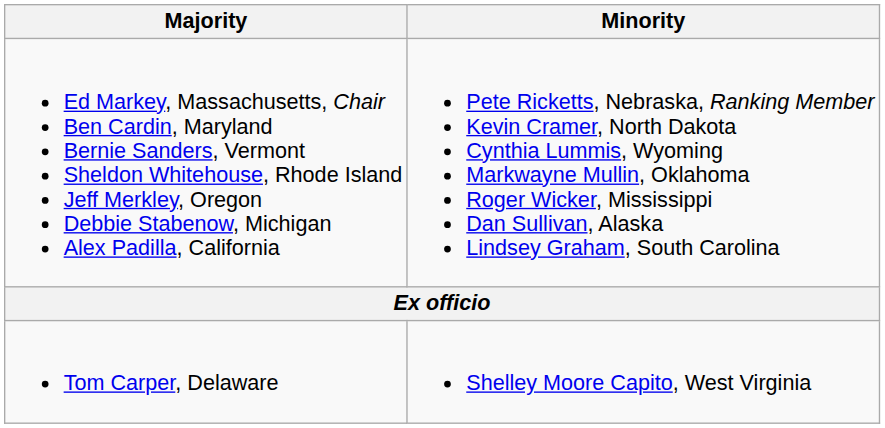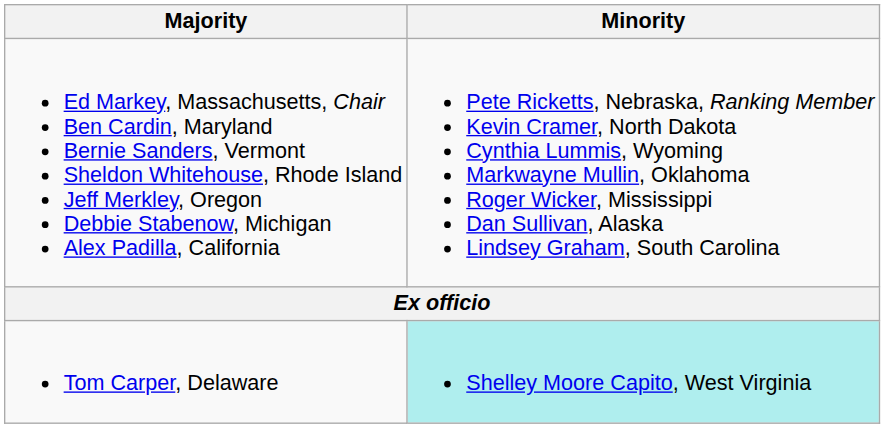 <table class=wikitable>
 <tr>
 <th>Majority</th>
 <th>Minority</th>
 </tr>
 <tr>
 <td><br><ul><li><a href='#'>Ed Markey</a>, Massachusetts, <em>Chair</em></li><li><a href='#'>Ben Cardin</a>, Maryland</li><li><span><a href='#'>Bernie Sanders</a>, Vermont</span></li><li><a href='#'>Sheldon Whitehouse</a>, Rhode Island</li><li><a href='#'>Jeff Merkley</a>, Oregon</li><li><a href='#'>Debbie Stabenow</a>, Michigan</li><li><a href='#'>Alex Padilla</a>, California</li></ul></td>
 <td><br><ul><li><a href='#'>Pete Ricketts</a>, Nebraska, <em>Ranking Member</em></li><li><a href='#'>Kevin Cramer</a>, North Dakota</li><li><a href='#'>Cynthia Lummis</a>, Wyoming</li><li><a href='#'>Markwayne Mullin</a>, Oklahoma</li><li><a href='#'>Roger Wicker</a>, Mississippi</li><li><a href='#'>Dan Sullivan</a>, Alaska</li><li><a href='#'>Lindsey Graham</a>, South Carolina</li></ul></td>
 </tr>
 <tr>
 <th colspan=2><em>Ex officio</em></th>
 </tr>
 <tr>
 <td><br><ul><li><a href='#'>Tom Carper</a>, Delaware</li></ul></td>
-<td><br><ul><li><a href='#'>Shelley Moore Capito</a>, West Virginia</li></ul></td>
+<td style="background: paleturquoise;"><br><ul><li><a href='#'>Shelley Moore Capito</a>, West Virginia</li></ul></td>
 </tr>
 </table>
